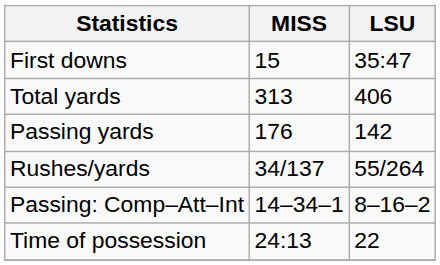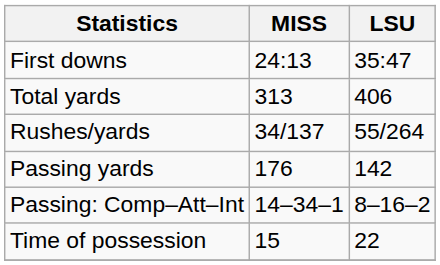 <table class="wikitable" style="float: left;">
 <tr>
 <th>Statistics</th>
 <th>MISS</th>
 <th>LSU</th>
 </tr>
 <tr>
 <td>First downs</td>
-<td>15</td>
+<td>24:13</td>
 <td>35:47</td>
 </tr>
 <tr>
 <td>Total yards</td>
 <td>313</td>
 <td>406</td>
 </tr>
 <tr>
+<td>Rushes/yards</td>
+<td>34/137</td>
+<td>55/264</td>
+</tr>
+<tr>
 <td>Passing yards</td>
 <td>176</td>
 <td>142</td>
-</tr>
-<tr>
-<td>Rushes/yards</td>
-<td>34/137</td>
-<td>55/264</td>
 </tr>
 <tr>
 <td>Passing: Comp–Att–Int</td>
 <td>14–34–1</td>
 <td>8–16–2</td>
 </tr>
 <tr>
 <td>Time of possession</td>
-<td>24:13</td>
+<td>15</td>
 <td>22</td>
 </tr>
 <tr>
 </tr>
 </table>
